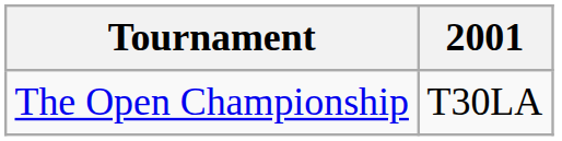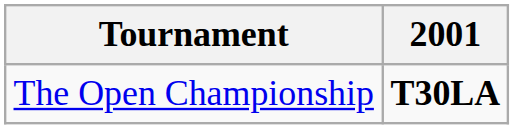 <table class="wikitable" style="font-size:95%;text-align:center;">
 <tr>
 <th>Tournament</th>
 <th>2001</th>
 </tr>
 <tr>
 <td align=left><a href='#'>The Open Championship</a></td>
-<td>T30<span>LA</span></td>
+<td><strong>T30<span>LA</span></strong></td>
 </tr>
 </table>
